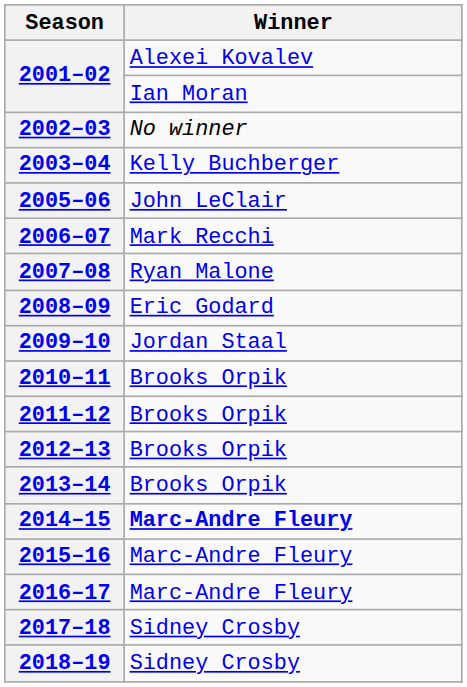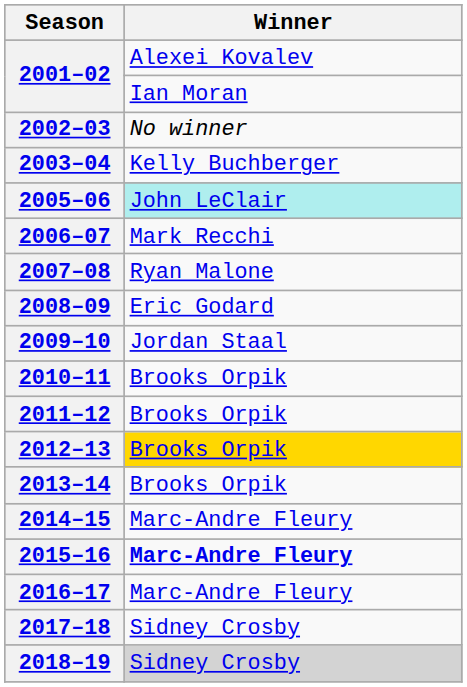 <table class="wikitable">
 <tr>
 <th scope="col" style="width:5em">Season</th>
 <th scope="col" style="width:15em">Winner</th>
 </tr>
 <tr>
 <th scope="row" rowspan="2"><a href='#'>2001–02</a></th>
 <td><a href='#'>Alexei Kovalev</a></td>
 </tr>
 <tr>
 <td><a href='#'>Ian Moran</a></td>
 </tr>
 <tr>
 <th scope="row"><a href='#'>2002–03</a></th>
 <td><em>No winner</em></td>
 </tr>
 <tr>
 <th scope="row"><a href='#'>2003–04</a></th>
 <td><a href='#'>Kelly Buchberger</a></td>
 </tr>
 <tr>
 <th scope="row"><a href='#'>2005–06</a></th>
-<td><a href='#'>John LeClair</a></td>
+<td style="background: paleturquoise;"><a href='#'>John LeClair</a></td>
 </tr>
 <tr>
 <th scope="row"><a href='#'>2006–07</a></th>
 <td><a href='#'>Mark Recchi</a></td>
 </tr>
 <tr>
 <th scope="row"><a href='#'>2007–08</a></th>
 <td><a href='#'>Ryan Malone</a></td>
 </tr>
 <tr>
 <th scope="row"><a href='#'>2008–09</a></th>
 <td><a href='#'>Eric Godard</a></td>
 </tr>
 <tr>
 <th scope="row"><a href='#'>2009–10</a></th>
 <td><a href='#'>Jordan Staal</a></td>
 </tr>
 <tr>
 <th scope="row"><a href='#'>2010–11</a></th>
 <td><a href='#'>Brooks Orpik</a></td>
 </tr>
 <tr>
 <th scope="row"><a href='#'>2011–12</a></th>
 <td><a href='#'>Brooks Orpik</a></td>
 </tr>
 <tr>
 <th scope="row"><a href='#'>2012–13</a></th>
-<td><a href='#'>Brooks Orpik</a></td>
+<td style="background: gold;"><a href='#'>Brooks Orpik</a></td>
 </tr>
 <tr>
 <th scope="row"><a href='#'>2013–14</a></th>
 <td><a href='#'>Brooks Orpik</a></td>
 </tr>
 <tr>
 <th scope="row"><a href='#'>2014–15</a></th>
-<td><strong><a href='#'>Marc-Andre Fleury</a></strong></td>
+<td><a href='#'>Marc-Andre Fleury</a></td>
 </tr>
 <tr>
 <th scope="row"><a href='#'>2015–16</a></th>
-<td><a href='#'>Marc-Andre Fleury</a></td>
+<td><strong><a href='#'>Marc-Andre Fleury</a></strong></td>
 </tr>
 <tr>
 <th scope="row"><a href='#'>2016–17</a></th>
 <td><a href='#'>Marc-Andre Fleury</a></td>
 </tr>
 <tr>
 <th scope="row"><a href='#'>2017–18</a></th>
 <td><a href='#'>Sidney Crosby</a></td>
 </tr>
 <tr>
 <th scope="row"><a href='#'>2018–19</a></th>
-<td><a href='#'>Sidney Crosby</a></td>
+<td style="background: lightgrey;"><a href='#'>Sidney Crosby</a></td>
 </tr>
 </table>
